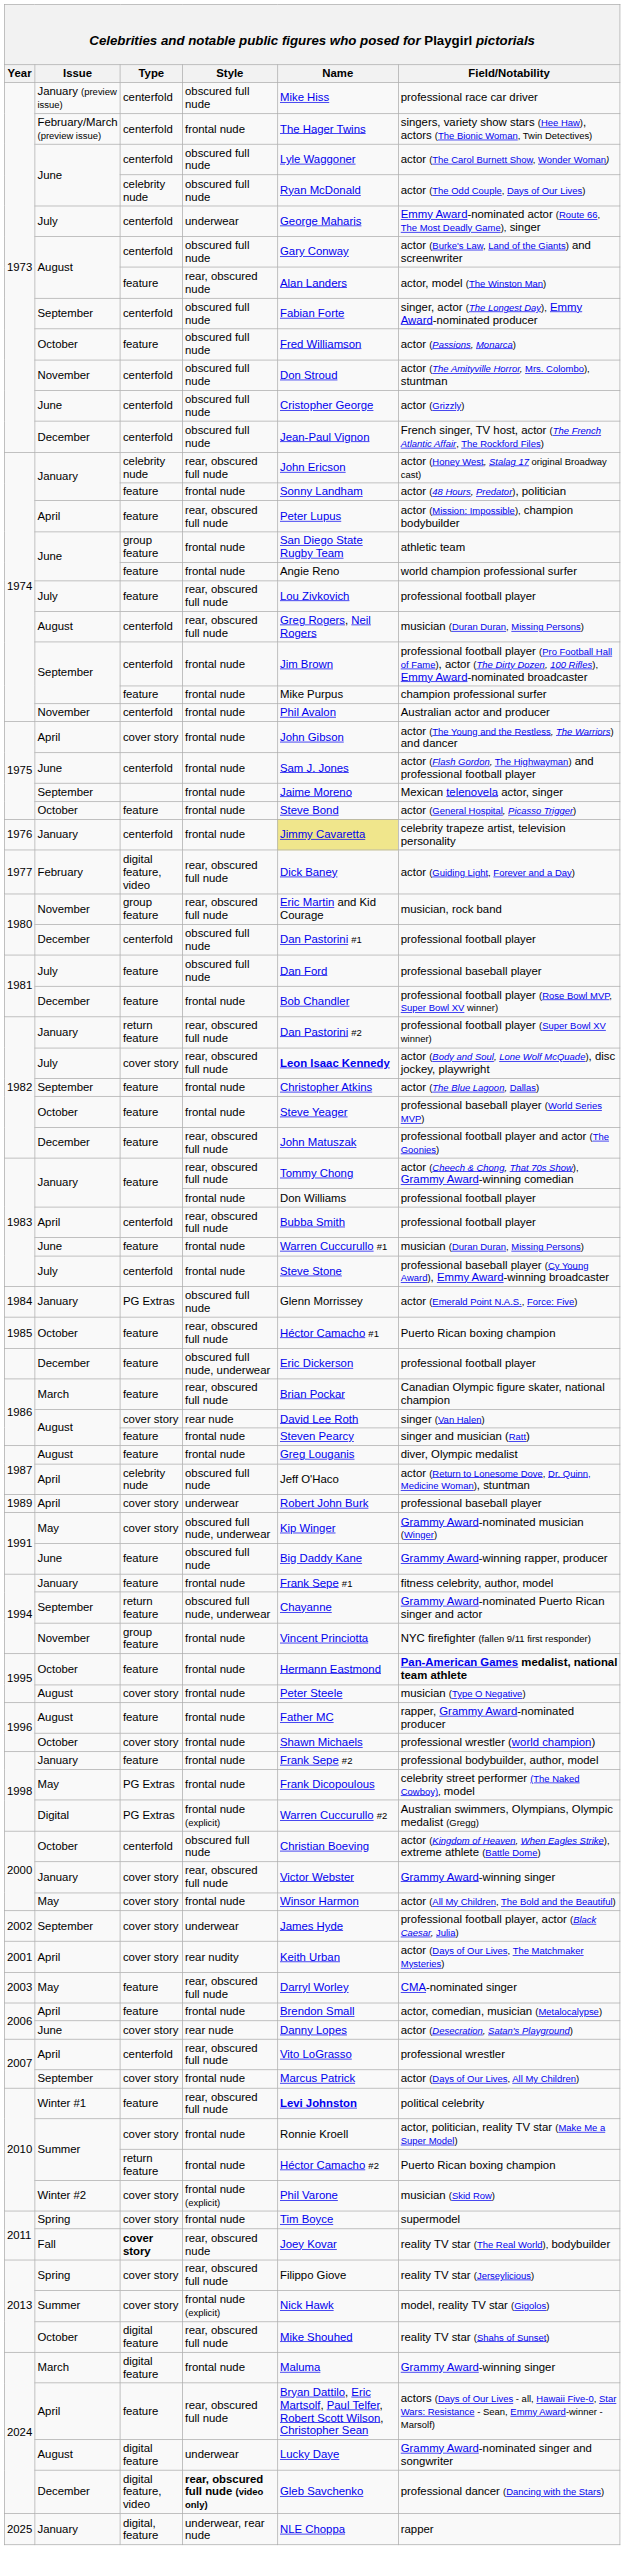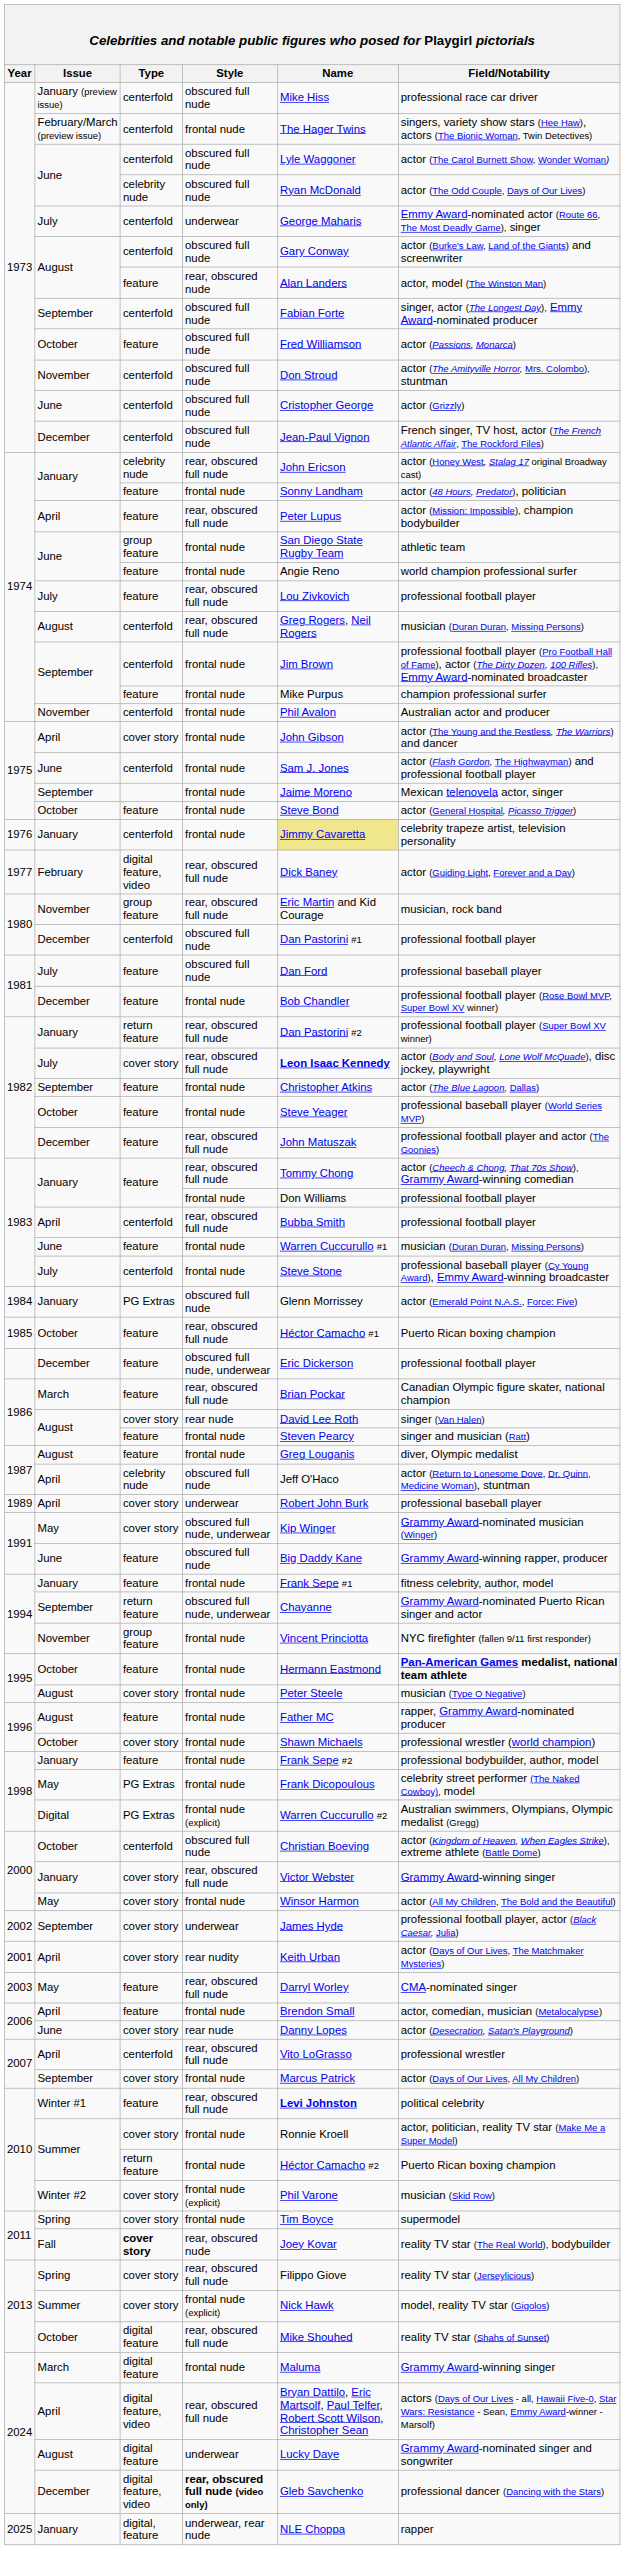 <table class="wikitable">
 <tr>
 <th colspan="6"><br><h3><em>Celebrities and notable public figures who posed for</em> Playgirl <em>pictorials</em></h3></th>
 </tr>
 <tr>
 <th width="10">Year</th>
 <th width="80">Issue</th>
 <th width="85">Type</th>
 <th width="150">Style</th>
 <th width="200">Name</th>
 <th width="400">Field/Notability</th>
 </tr>
 <tr>
 <td rowspan="12">1973</td>
 <td>January <small>(preview issue)</small></td>
 <td>centerfold</td>
 <td>obscured full nude</td>
 <td><a href='#'>Mike Hiss</a></td>
 <td>professional race car driver</td>
 </tr>
 <tr>
 <td>February/March<br><small>(preview issue)</small></td>
 <td>centerfold</td>
 <td>frontal nude</td>
 <td><a href='#'>The Hager Twins</a></td>
 <td>singers, variety show stars <small>(<a href='#'>Hee Haw</a>)</small>, actors <small>(<a href='#'>The Bionic Woman</a>, Twin Detectives)</small></td>
 </tr>
 <tr>
 <td rowspan="2">June</td>
 <td>centerfold</td>
 <td>obscured full nude</td>
 <td><a href='#'>Lyle Waggoner</a></td>
 <td>actor <small>(<a href='#'>The Carol Burnett Show</a>, <a href='#'>Wonder Woman</a><em>)</em></small></td>
 </tr>
 <tr>
 <td>celebrity nude</td>
 <td>obscured full nude</td>
 <td><a href='#'>Ryan McDonald</a></td>
 <td>actor <small>(<a href='#'>The Odd Couple</a>, <a href='#'>Days of Our Lives</a>)</small></td>
 </tr>
 <tr>
 <td>July</td>
 <td>centerfold</td>
 <td>underwear</td>
 <td><a href='#'>George Maharis</a></td>
 <td><a href='#'>Emmy Award</a>-nominated actor <small>(<a href='#'>Route 66</a>, <a href='#'>The Most Deadly Game</a>),</small> singer</td>
 </tr>
 <tr>
 <td rowspan="2">August</td>
 <td>centerfold</td>
 <td>obscured full nude</td>
 <td><a href='#'>Gary Conway</a></td>
 <td>actor <small>(<a href='#'>Burke's Law</a>, <a href='#'>Land of the Giants</a>)</small> and screenwriter</td>
 </tr>
 <tr>
 <td>feature</td>
 <td>rear, obscured nude</td>
 <td><a href='#'>Alan Landers</a></td>
 <td>actor, model <small>(<a href='#'>The Winston Man</a>)</small></td>
 </tr>
 <tr>
 <td>September</td>
 <td>centerfold</td>
 <td>obscured full nude</td>
 <td><a href='#'>Fabian Forte</a></td>
 <td>singer, actor <small>(<a href='#'><em>The Longest Day</em></a>),</small> <a href='#'>Emmy Award</a>-nominated producer</td>
 </tr>
 <tr>
 <td>October</td>
 <td>feature</td>
 <td>obscured full nude</td>
 <td><a href='#'>Fred Williamson</a></td>
 <td>actor <small>(<em><a href='#'>Passions</a>,</em> <em><a href='#'>Monarca</a></em>)</small></td>
 </tr>
 <tr>
 <td>November</td>
 <td>centerfold</td>
 <td>obscured full nude</td>
 <td><a href='#'>Don Stroud</a></td>
 <td>actor <small>(<em><a href='#'>The Amityville Horror</a>,</em> <a href='#'>Mrs. Colombo</a>),</small> stuntman</td>
 </tr>
 <tr>
 <td>June</td>
 <td>centerfold</td>
 <td>obscured full nude</td>
 <td><a href='#'>Cristopher George</a></td>
 <td>actor <small>(<a href='#'>Grizzly</a>)</small></td>
 </tr>
 <tr>
 <td>December</td>
 <td>centerfold</td>
 <td>obscured full nude</td>
 <td><a href='#'>Jean-Paul Vignon</a></td>
 <td>French singer, TV host, actor <small>(<em><a href='#'>The French Atlantic Affair</a></em>, <a href='#'>The Rockford Files</a>)</small></td>
 </tr>
 <tr>
 <td rowspan="10">1974</td>
 <td rowspan="2">January</td>
 <td>celebrity nude</td>
 <td>rear, obscured full nude</td>
 <td><a href='#'>John Ericson</a></td>
 <td>actor <small>(<a href='#'>Honey West</a><em>, <a href='#'>Stalag 17</a></em> original Broadway cast)</small></td>
 </tr>
 <tr>
 <td>feature</td>
 <td>frontal nude</td>
 <td><a href='#'>Sonny Landham</a></td>
 <td>actor <small>(<em><a href='#'>48 Hours</a>, <a href='#'>Predator</a></em>)</small>, politician</td>
 </tr>
 <tr>
 <td>April</td>
 <td>feature</td>
 <td>rear, obscured full nude</td>
 <td><a href='#'>Peter Lupus</a></td>
 <td>actor <small>(<a href='#'>Mission: Impossible</a>),</small> champion bodybuilder</td>
 </tr>
 <tr>
 <td rowspan="2">June</td>
 <td>group feature</td>
 <td>frontal nude</td>
 <td><a href='#'>San Diego State Rugby Team</a></td>
 <td>athletic team</td>
 </tr>
 <tr>
 <td>feature</td>
 <td>frontal nude</td>
 <td>Angie Reno</td>
 <td>world champion professional surfer</td>
 </tr>
 <tr>
 <td>July</td>
 <td>feature</td>
 <td>rear, obscured full nude</td>
 <td><a href='#'>Lou Zivkovich</a></td>
 <td>professional football player</td>
 </tr>
 <tr>
 <td>August</td>
 <td>centerfold</td>
 <td>rear, obscured full nude</td>
 <td><a href='#'>Greg Rogers</a>, <a href='#'>Neil Rogers</a></td>
 <td>musician <small>(<a href='#'>Duran Duran</a>, <a href='#'>Missing Persons</a>)</small></td>
 </tr>
 <tr>
 <td rowspan="2">September</td>
 <td>centerfold</td>
 <td>frontal nude</td>
 <td><a href='#'>Jim Brown</a></td>
 <td>professional football player <small>(<a href='#'>Pro Football Hall of Fame</a>)</small>, actor <small>(<em><a href='#'>The Dirty Dozen</a>, <a href='#'>100 Rifles</a></em>),</small> <a href='#'>Emmy Award</a>-nominated broadcaster</td>
 </tr>
 <tr>
 <td>feature</td>
 <td>frontal nude</td>
 <td>Mike Purpus</td>
 <td>champion professional surfer</td>
 </tr>
 <tr>
 <td>November</td>
 <td>centerfold</td>
 <td>frontal nude</td>
 <td><a href='#'>Phil Avalon</a></td>
 <td>Australian actor and producer</td>
 </tr>
 <tr>
 <td rowspan="4">1975</td>
 <td>April</td>
 <td>cover story</td>
 <td>frontal nude</td>
 <td><a href='#'>John Gibson</a></td>
 <td>actor <small>(<a href='#'>The Young and the Restless</a><em>, <a href='#'>The Warriors</a></em>)</small> and dancer</td>
 </tr>
 <tr>
 <td>June</td>
 <td>centerfold</td>
 <td>frontal nude</td>
 <td><a href='#'>Sam J. Jones</a></td>
 <td>actor <small>(<em><a href='#'>Flash Gordon</a>,</em> <a href='#'>The Highwayman</a>)</small> and professional football player</td>
 </tr>
 <tr>
 <td>September</td>
 <td></td>
 <td>frontal nude</td>
 <td><a href='#'>Jaime Moreno</a></td>
 <td>Mexican <a href='#'>telenovela</a> actor, singer</td>
 </tr>
 <tr>
 <td>October</td>
 <td>feature</td>
 <td>frontal nude</td>
 <td><a href='#'>Steve Bond</a></td>
 <td>actor <small>(<a href='#'>General Hospital</a><em>, <a href='#'>Picasso Trigger</a></em>)</small></td>
 </tr>
 <tr>
 <td>1976</td>
 <td>January</td>
 <td>centerfold</td>
 <td>frontal nude</td>
 <td style="background: khaki;"><a href='#'>Jimmy Cavaretta</a></td>
 <td>celebrity trapeze artist, television personality</td>
 </tr>
 <tr>
 <td>1977</td>
 <td>February</td>
 <td>digital feature, video</td>
 <td>rear, obscured full nude</td>
 <td><a href='#'>Dick Baney</a></td>
 <td>actor <small>(<a href='#'>Guiding Light</a>, <a href='#'>Forever and a Day</a>)</small></td>
 </tr>
 <tr>
 <td rowspan="2">1980</td>
 <td>November</td>
 <td>group feature</td>
 <td>rear, obscured full nude</td>
 <td><a href='#'>Eric Martin</a> and Kid Courage</td>
 <td>musician, rock band</td>
 </tr>
 <tr>
 <td>December</td>
 <td>centerfold</td>
 <td>obscured full nude</td>
 <td><a href='#'>Dan Pastorini</a> <small>#1</small></td>
 <td>professional football player</td>
 </tr>
 <tr>
 <td rowspan="2">1981</td>
 <td>July</td>
 <td>feature</td>
 <td>obscured full nude</td>
 <td><a href='#'>Dan Ford</a></td>
 <td>professional baseball player</td>
 </tr>
 <tr>
 <td>December</td>
 <td>feature</td>
 <td>frontal nude</td>
 <td><a href='#'>Bob Chandler</a></td>
 <td>professional football player <small>(<a href='#'>Rose Bowl MVP</a>, <a href='#'>Super Bowl XV</a> winner)</small></td>
 </tr>
 <tr>
 <td rowspan="5">1982</td>
 <td>January</td>
 <td>return feature</td>
 <td>rear, obscured full nude</td>
 <td><a href='#'>Dan Pastorini</a> <small>#2</small></td>
 <td>professional football player <small>(<a href='#'>Super Bowl XV</a> winner)</small></td>
 </tr>
 <tr>
 <td>July</td>
 <td>cover story</td>
 <td>rear, obscured full nude</td>
 <td><strong><a href='#'>Leon Isaac Kennedy</a></strong></td>
 <td>actor <small>(<em><a href='#'>Body and Soul</a>, <a href='#'>Lone Wolf McQuade</a></em>)</small>, disc jockey, playwright</td>
 </tr>
 <tr>
 <td>September</td>
 <td>feature</td>
 <td>frontal nude</td>
 <td><a href='#'>Christopher Atkins</a></td>
 <td>actor <small>(<em><a href='#'>The Blue Lagoon</a>,</em> <a href='#'>Dallas</a>)</small></td>
 </tr>
 <tr>
 <td>October</td>
 <td>feature</td>
 <td>frontal nude</td>
 <td><a href='#'>Steve Yeager</a></td>
 <td>professional baseball player <small>(<a href='#'>World Series MVP</a>)</small></td>
 </tr>
 <tr>
 <td>December</td>
 <td>feature</td>
 <td>rear, obscured full nude</td>
 <td><a href='#'>John Matuszak</a></td>
 <td>professional football player and actor <small>(<a href='#'>The Goonies</a>)</small></td>
 </tr>
 <tr>
 <td rowspan="5">1983</td>
 <td rowspan="2">January</td>
 <td rowspan="2">feature</td>
 <td>rear, obscured full nude</td>
 <td><a href='#'>Tommy Chong</a></td>
 <td>actor <small>(<em><a href='#'>Cheech & Chong</a>, <a href='#'>That 70s Show</a></em>),</small> <a href='#'>Grammy Award</a>-winning comedian</td>
 </tr>
 <tr>
 <td>frontal nude</td>
 <td>Don Williams</td>
 <td>professional football player</td>
 </tr>
 <tr>
 <td>April</td>
 <td>centerfold</td>
 <td>rear, obscured full nude</td>
 <td><a href='#'>Bubba Smith</a></td>
 <td>professional football player</td>
 </tr>
 <tr>
 <td>June</td>
 <td>feature</td>
 <td>frontal nude</td>
 <td><a href='#'>Warren Cuccurullo</a> <small>#1</small></td>
 <td>musician <small>(<a href='#'>Duran Duran</a>, <a href='#'>Missing Persons</a>)</small></td>
 </tr>
 <tr>
 <td>July</td>
 <td>centerfold</td>
 <td>frontal nude</td>
 <td><a href='#'>Steve Stone</a></td>
 <td>professional baseball player <small>(<a href='#'>Cy Young Award</a>)</small>, <a href='#'>Emmy Award</a>-winning broadcaster</td>
 </tr>
 <tr>
 <td>1984</td>
 <td>January</td>
 <td>PG Extras</td>
 <td>obscured full nude</td>
 <td>Glenn Morrissey</td>
 <td>actor <small>(<a href='#'>Emerald Point N.A.S.</a>, <a href='#'>Force: Five</a>)</small></td>
 </tr>
 <tr>
 <td>1985</td>
 <td>October</td>
 <td>feature</td>
 <td>rear, obscured full nude</td>
 <td><a href='#'>Héctor Camacho</a> <small>#1</small></td>
 <td>Puerto Rican boxing champion</td>
 </tr>
 <tr>
 <td></td>
 <td>December</td>
 <td>feature</td>
 <td>obscured full nude, underwear</td>
 <td><a href='#'>Eric Dickerson</a></td>
 <td>professional football player</td>
 </tr>
 <tr>
 <td rowspan="3">1986</td>
 <td>March</td>
 <td>feature</td>
 <td>rear, obscured full nude</td>
 <td><a href='#'>Brian Pockar</a></td>
 <td>Canadian Olympic figure skater, national champion</td>
 </tr>
 <tr>
 <td rowspan="2">August</td>
 <td>cover story</td>
 <td>rear nude</td>
 <td><a href='#'>David Lee Roth</a></td>
 <td>singer <small>(<a href='#'>Van Halen</a>)</small></td>
 </tr>
 <tr>
 <td>feature</td>
 <td>frontal nude</td>
 <td><a href='#'>Steven Pearcy</a></td>
 <td>singer and musician (<small><a href='#'>Ratt</a></small>)</td>
 </tr>
 <tr>
 <td rowspan="2">1987</td>
 <td>August</td>
 <td>feature</td>
 <td>frontal nude</td>
 <td><a href='#'>Greg Louganis</a></td>
 <td>diver, Olympic medalist</td>
 </tr>
 <tr>
 <td>April</td>
 <td>celebrity nude</td>
 <td>obscured full nude</td>
 <td>Jeff O'Haco</td>
 <td>actor <small>(<a href='#'>Return to Lonesome Dove</a>, <a href='#'>Dr. Quinn, Medicine Woman</a>)</small>, stuntman</td>
 </tr>
 <tr>
 <td>1989</td>
 <td>April</td>
 <td>cover story</td>
 <td>underwear</td>
 <td><a href='#'>Robert John Burk</a></td>
 <td>professional baseball player</td>
 </tr>
 <tr>
 <td rowspan="2">1991</td>
 <td>May</td>
 <td>cover story</td>
 <td>obscured full nude, underwear</td>
 <td><a href='#'>Kip Winger</a></td>
 <td><a href='#'>Grammy Award</a>-nominated musician <small>(<a href='#'>Winger</a>)</small></td>
 </tr>
 <tr>
 <td>June</td>
 <td>feature</td>
 <td>obscured full nude</td>
 <td><a href='#'>Big Daddy Kane</a></td>
 <td><a href='#'>Grammy Award</a>-winning rapper, producer</td>
 </tr>
 <tr>
 <td rowspan="3">1994</td>
 <td>January</td>
 <td>feature</td>
 <td>frontal nude</td>
 <td><a href='#'>Frank Sepe</a> <small>#1</small></td>
 <td>fitness celebrity, author, model</td>
 </tr>
 <tr>
 <td>September</td>
 <td>return feature</td>
 <td>obscured full nude, underwear</td>
 <td><a href='#'>Chayanne</a></td>
 <td><a href='#'>Grammy Award</a>-nominated Puerto Rican singer and actor</td>
 </tr>
 <tr>
 <td>November</td>
 <td>group feature</td>
 <td>frontal nude</td>
 <td><a href='#'>Vincent Princiotta</a></td>
 <td>NYC firefighter <small>(fallen 9/11 first responder)</small></td>
 </tr>
 <tr>
 <td rowspan="2">1995</td>
 <td>October</td>
 <td>feature</td>
 <td>frontal nude</td>
 <td><a href='#'>Hermann Eastmond</a></td>
 <td><strong><a href='#'>Pan-American Games</a> medalist, national team athlete</strong></td>
 </tr>
 <tr>
 <td>August</td>
 <td>cover story</td>
 <td>frontal nude</td>
 <td><a href='#'>Peter Steele</a></td>
 <td>musician <small>(<a href='#'>Type O Negative</a>)</small></td>
 </tr>
 <tr>
 <td rowspan="2">1996</td>
 <td>August</td>
 <td>feature</td>
 <td>frontal nude</td>
 <td><a href='#'>Father MC</a></td>
 <td>rapper, <a href='#'>Grammy Award</a>-nominated producer</td>
 </tr>
 <tr>
 <td>October</td>
 <td>cover story</td>
 <td>frontal nude</td>
 <td><a href='#'>Shawn Michaels</a></td>
 <td>professional wrestler (<a href='#'>world champion</a>)</td>
 </tr>
 <tr>
 <td rowspan="3">1998</td>
 <td>January</td>
 <td>feature</td>
 <td>frontal nude</td>
 <td><a href='#'>Frank Sepe</a> <small>#2</small></td>
 <td>professional bodybuilder, author, model</td>
 </tr>
 <tr>
 <td>May</td>
 <td>PG Extras</td>
 <td>frontal nude</td>
 <td><a href='#'>Frank Dicopoulous</a></td>
 <td>celebrity street performer <small><a href='#'>(The Naked Cowboy)</a>,</small> model</td>
 </tr>
 <tr>
 <td>Digital</td>
 <td>PG Extras</td>
 <td>frontal nude <small>(explicit)</small></td>
 <td><a href='#'>Warren Cuccurullo</a> <small>#2</small></td>
 <td>Australian swimmers, Olympians, Olympic medalist <small>(Gregg)</small></td>
 </tr>
 <tr>
 <td rowspan="3">2000</td>
 <td>October</td>
 <td>centerfold</td>
 <td>obscured full nude</td>
 <td><a href='#'>Christian Boeving</a></td>
 <td>actor <small>(<em><a href='#'>Kingdom of Heaven</a>, <a href='#'>When Eagles Strike</a></em>),</small> extreme athlete <small>(<a href='#'>Battle Dome</a>)</small></td>
 </tr>
 <tr>
 <td>January</td>
 <td>cover story</td>
 <td>rear, obscured full nude</td>
 <td><a href='#'>Victor Webster</a></td>
 <td><a href='#'>Grammy Award</a>-winning singer</td>
 </tr>
 <tr>
 <td>May</td>
 <td>cover story</td>
 <td>frontal nude</td>
 <td><a href='#'>Winsor Harmon</a></td>
 <td>actor <small>(<a href='#'>All My Children</a>, <a href='#'>The Bold and the Beautiful</a>)</small></td>
 </tr>
 <tr>
 <td>2002</td>
 <td>September</td>
 <td>cover story</td>
 <td>underwear</td>
 <td><a href='#'>James Hyde</a></td>
 <td>professional football player, actor <small>(<em><a href='#'>Black Caesar</a>,</em> <a href='#'>Julia</a>)</small></td>
 </tr>
 <tr>
 <td>2001</td>
 <td>April</td>
 <td>cover story</td>
 <td>rear nudity</td>
 <td><a href='#'>Keith Urban</a></td>
 <td>actor <small>(<a href='#'>Days of Our Lives</a>, <a href='#'>The Matchmaker Mysteries</a>)</small></td>
 </tr>
 <tr>
 <td>2003</td>
 <td>May</td>
 <td>feature</td>
 <td>rear, obscured full nude</td>
 <td><a href='#'>Darryl Worley</a></td>
 <td><a href='#'>CMA</a>-nominated singer</td>
 </tr>
 <tr>
 <td rowspan="2">2006</td>
 <td>April</td>
 <td>feature</td>
 <td>frontal nude</td>
 <td><a href='#'>Brendon Small</a></td>
 <td>actor, comedian, musician <small>(<a href='#'>Metalocalypse</a>)</small></td>
 </tr>
 <tr>
 <td>June</td>
 <td>cover story</td>
 <td>rear nude</td>
 <td><a href='#'>Danny Lopes</a></td>
 <td>actor <small>(<em><a href='#'>Desecration</a>, <a href='#'>Satan's Playground</a></em>)</small></td>
 </tr>
 <tr>
 <td rowspan="2">2007</td>
 <td>April</td>
 <td>centerfold</td>
 <td>rear, obscured full nude</td>
 <td><a href='#'>Vito LoGrasso</a></td>
 <td>professional wrestler</td>
 </tr>
 <tr>
 <td>September</td>
 <td>cover story</td>
 <td>frontal nude</td>
 <td><a href='#'>Marcus Patrick</a></td>
 <td>actor <small>(<a href='#'>Days of Our Lives</a>, <a href='#'>All My Children</a>)</small></td>
 </tr>
 <tr>
 <td rowspan="4">2010</td>
 <td>Winter #1</td>
 <td>feature</td>
 <td>rear, obscured full nude</td>
 <td><strong><a href='#'>Levi Johnston</a></strong></td>
 <td>political celebrity</td>
 </tr>
 <tr>
 <td rowspan="2">Summer</td>
 <td>cover story</td>
 <td>frontal nude</td>
 <td>Ronnie Kroell</td>
 <td>actor, politician, reality TV star <small>(<a href='#'>Make Me a Super Model</a>)</small></td>
 </tr>
 <tr>
 <td>return feature</td>
 <td>frontal nude</td>
 <td><a href='#'>Héctor Camacho</a> <small>#2</small></td>
 <td>Puerto Rican boxing champion</td>
 </tr>
 <tr>
 <td>Winter #2</td>
 <td>cover story</td>
 <td>frontal nude <small>(explicit)</small></td>
 <td><a href='#'>Phil Varone</a></td>
 <td>musician <small>(<a href='#'>Skid Row</a>)</small></td>
 </tr>
 <tr>
 <td rowspan="2">2011</td>
 <td>Spring</td>
 <td>cover story</td>
 <td>frontal nude</td>
 <td><a href='#'>Tim Boyce</a></td>
 <td>supermodel</td>
 </tr>
 <tr>
 <td>Fall</td>
 <td><strong>cover story</strong></td>
 <td>rear, obscured nude</td>
 <td><a href='#'>Joey Kovar</a></td>
 <td>reality TV star <small>(<a href='#'>The Real World</a>),</small> bodybuilder</td>
 </tr>
 <tr>
 <td rowspan="3">2013</td>
 <td>Spring</td>
 <td>cover story</td>
 <td>rear, obscured full nude</td>
 <td>Filippo Giove</td>
 <td>reality TV star <small>(<a href='#'>Jerseylicious</a>)</small></td>
 </tr>
 <tr>
 <td>Summer</td>
 <td>cover story</td>
 <td>frontal nude <small>(explicit)</small></td>
 <td><a href='#'>Nick Hawk</a></td>
 <td>model, reality TV star <small>(<a href='#'>Gigolos</a>)</small></td>
 </tr>
 <tr>
 <td>October</td>
 <td>digital feature</td>
 <td>rear, obscured full nude</td>
 <td><a href='#'>Mike Shouhed</a></td>
 <td>reality TV star <small>(<a href='#'>Shahs of Sunset</a>)</small></td>
 </tr>
 <tr>
 <td rowspan="4">2024</td>
 <td>March</td>
 <td>digital feature</td>
 <td>frontal nude</td>
 <td><a href='#'>Maluma</a></td>
 <td><a href='#'>Grammy Award</a>-winning singer</td>
 </tr>
 <tr>
 <td>April</td>
-<td>feature</td>
+<td>digital feature, video</td>
 <td>rear, obscured full nude</td>
 <td><a href='#'>Bryan Dattilo</a>, <a href='#'>Eric Martsolf</a>, <a href='#'>Paul Telfer</a>, <a href='#'>Robert Scott Wilson</a>, <a href='#'>Christopher Sean</a></td>
 <td>actors <small>(<a href='#'>Days of Our Lives</a> - all, <a href='#'>Hawaii Five-0</a>, <a href='#'>Star Wars: Resistance</a> - Sean, <a href='#'>Emmy Award</a>-winner - Marsolf)</small></td>
 </tr>
 <tr>
 <td>August</td>
 <td>digital feature</td>
 <td>underwear</td>
 <td><a href='#'>Lucky Daye</a></td>
 <td><a href='#'>Grammy Award</a>-nominated singer and songwriter</td>
 </tr>
 <tr>
 <td>December</td>
 <td>digital feature, video</td>
 <td><strong>rear, obscured full nude <small>(video only)</small></strong></td>
 <td><a href='#'>Gleb Savchenko</a></td>
 <td>professional dancer <small>(<a href='#'>Dancing with the Stars</a>)</small></td>
 </tr>
 <tr>
 <td>2025</td>
 <td>January</td>
 <td>digital, feature</td>
 <td>underwear, rear nude</td>
 <td><a href='#'>NLE Choppa</a></td>
 <td>rapper</td>
 </tr>
 </table>
